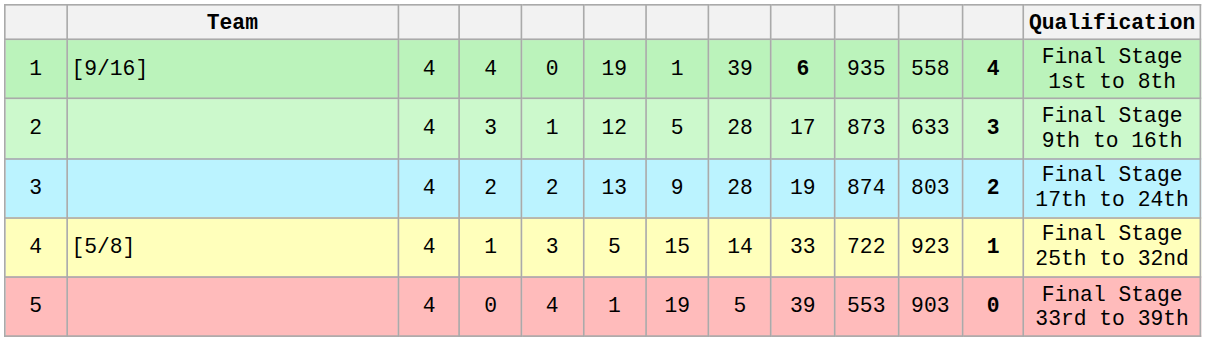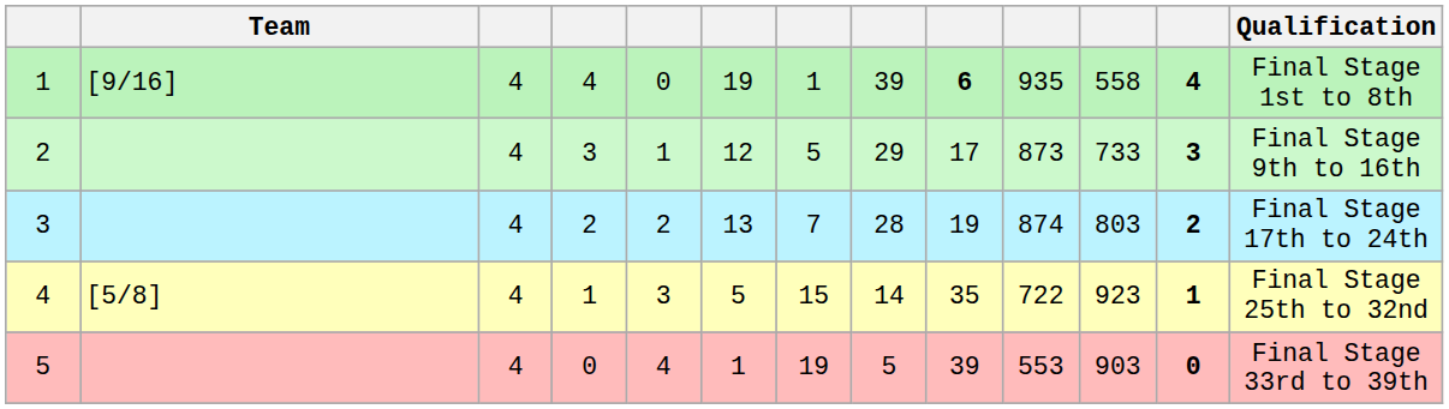 <table class=wikitable style="text-align:center" width=730>
 <tr>
 <th width=5.5%></th>
 <th width=30%>Team</th>
 <th width=5.5%></th>
 <th width=5.5%></th>
 <th width=5.5%></th>
 <th width=5.5%></th>
 <th width=5.5%></th>
 <th width=5.5%></th>
 <th width=5.5%></th>
 <th width=5.5%></th>
 <th width=5.5%></th>
 <th width=5.5%></th>
 <th width=18%>Qualification</th>
 </tr>
 <tr bgcolor=#bbf3bb>
 <td>1</td>
 <td style="text-align:left"> [9/16]</td>
 <td>4</td>
 <td>4</td>
 <td>0</td>
 <td>19</td>
 <td>1</td>
 <td>39</td>
 <td><strong>6</strong></td>
 <td>935</td>
 <td>558</td>
 <td><strong>4</strong></td>
 <td>Final Stage 1st to 8th</td>
 </tr>
 <tr bgcolor=#ccf9cc>
 <td>2</td>
 <td style="text-align:left"></td>
 <td>4</td>
 <td>3</td>
 <td>1</td>
 <td>12</td>
 <td>5</td>
-<td>28</td>
+<td>29</td>
 <td>17</td>
 <td>873</td>
-<td>633</td>
+<td>733</td>
 <td><strong>3</strong></td>
 <td>Final Stage 9th to 16th</td>
 </tr>
 <tr bgcolor=#bbf3ff>
 <td>3</td>
 <td style="text-align:left"></td>
 <td>4</td>
 <td>2</td>
 <td>2</td>
 <td>13</td>
-<td>9</td>
+<td>7</td>
 <td>28</td>
 <td>19</td>
 <td>874</td>
 <td>803</td>
 <td><strong>2</strong></td>
 <td>Final Stage 17th to 24th</td>
 </tr>
 <tr bgcolor=#ffffbb>
 <td>4</td>
 <td style="text-align:left"> [5/8]</td>
 <td>4</td>
 <td>1</td>
 <td>3</td>
 <td>5</td>
 <td>15</td>
 <td>14</td>
-<td>33</td>
+<td>35</td>
 <td>722</td>
 <td>923</td>
 <td><strong>1</strong></td>
 <td>Final Stage 25th to 32nd</td>
 </tr>
 <tr bgcolor=#ffbbbb>
 <td>5</td>
 <td style="text-align:left"></td>
 <td>4</td>
 <td>0</td>
 <td>4</td>
 <td>1</td>
 <td>19</td>
 <td>5</td>
 <td>39</td>
 <td>553</td>
 <td>903</td>
 <td><strong>0</strong></td>
 <td>Final Stage 33rd to 39th</td>
 </tr>
 </table>
